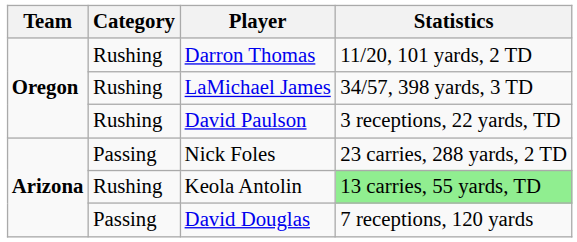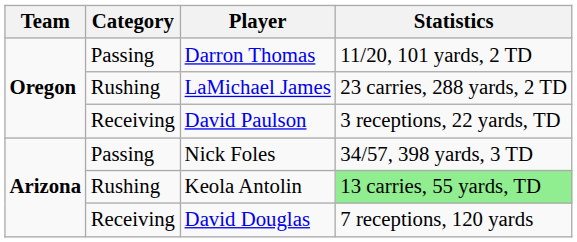 <table class="wikitable" style="float: right;">
 <tr>
 <th>Team</th>
 <th>Category</th>
 <th>Player</th>
 <th>Statistics</th>
 </tr>
 <tr>
 <td rowspan=3><strong>Oregon</strong></td>
-<td>Rushing</td>
+<td>Passing</td>
 <td><a href='#'>Darron Thomas</a></td>
 <td>11/20, 101 yards, 2 TD</td>
 </tr>
 <tr>
 <td>Rushing</td>
 <td><a href='#'>LaMichael James</a></td>
-<td>34/57, 398 yards, 3 TD</td>
+<td>23 carries, 288 yards, 2 TD</td>
 </tr>
 <tr>
-<td>Rushing</td>
+<td>Receiving</td>
 <td><a href='#'>David Paulson</a></td>
 <td>3 receptions, 22 yards, TD</td>
 </tr>
 <tr>
 <td rowspan=3><strong>Arizona</strong></td>
 <td>Passing</td>
 <td>Nick Foles</td>
-<td>23 carries, 288 yards, 2 TD</td>
+<td>34/57, 398 yards, 3 TD</td>
 </tr>
 <tr>
 <td>Rushing</td>
 <td>Keola Antolin</td>
 <td style="background: lightgreen;">13 carries, 55 yards, TD</td>
 </tr>
 <tr>
-<td>Passing</td>
+<td>Receiving</td>
 <td><a href='#'>David Douglas</a></td>
 <td>7 receptions, 120 yards</td>
 </tr>
 </table>
